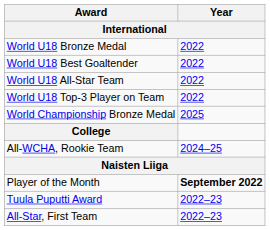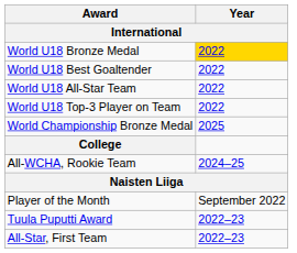 <table class="wikitable">
 <tr>
 <th scope="col">Award</th>
 <th scope="col">Year</th>
 </tr>
 <tr>
 <th colspan="2">International</th>
 </tr>
 <tr>
 <td><a href='#'>World U18</a> Bronze Medal</td>
-<td><a href='#'>2022</a></td>
+<td style="background: gold;"><a href='#'>2022</a></td>
 </tr>
 <tr>
 <td><a href='#'>World U18</a> Best Goaltender</td>
 <td><a href='#'>2022</a></td>
 </tr>
 <tr>
 <td><a href='#'>World U18</a> All-Star Team</td>
 <td><a href='#'>2022</a></td>
 </tr>
 <tr>
 <td><a href='#'>World U18</a> Top-3 Player on Team</td>
 <td><a href='#'>2022</a></td>
 </tr>
 <tr>
 <td><a href='#'>World Championship</a> Bronze Medal</td>
 <td><a href='#'>2025</a></td>
 </tr>
 <tr>
 <th>College</th>
 </tr>
 <tr>
 <td>All-<a href='#'>WCHA</a>, Rookie Team</td>
 <td><a href='#'>2024–25</a></td>
 </tr>
 <tr>
 <th colspan="2">Naisten Liiga</th>
 </tr>
 <tr>
 <td>Player of the Month</td>
-<td><strong>September 2022</strong></td>
+<td>September 2022</td>
 </tr>
 <tr>
 <td><a href='#'>Tuula Puputti Award</a></td>
 <td><a href='#'>2022–23</a></td>
 </tr>
 <tr>
 <td><a href='#'>All-Star</a>, First Team</td>
 <td><a href='#'>2022–23</a></td>
 </tr>
 </table>
